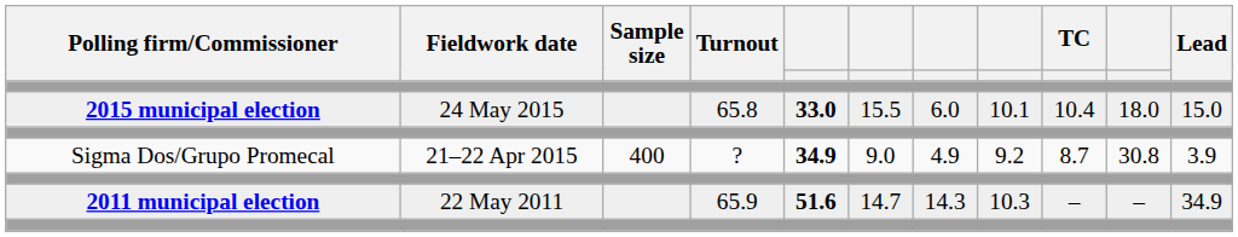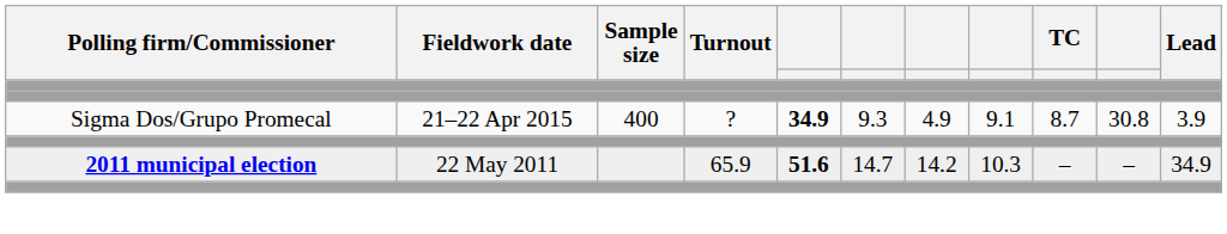 <table class="wikitable collapsible collapsed" style="text-align:center; font-size:95%; line-height:16px;">
 <tr style="height:42px;">
 <th style="width:250px;" rowspan="2">Polling firm/Commissioner</th>
 <th style="width:125px;" rowspan="2">Fieldwork date</th>
 <th style="width:50px;" rowspan="2">Sample size</th>
 <th style="width:45px;" rowspan="2">Turnout</th>
 <th style="width:35px;"></th>
 <th style="width:35px;"></th>
 <th style="width:35px;"></th>
 <th style="width:35px;"></th>
 <th style="width:35px;">TC</th>
 <th style="width:35px;"></th>
 <th style="width:30px;" rowspan="2">Lead</th>
 </tr>
 <tr>
 <th style="color:inherit;background:"></th>
 <th style="color:inherit;background:"></th>
 <th style="color:inherit;background:"></th>
 <th style="color:inherit;background:"></th>
 <th style="color:inherit;background:"></th>
 <th style="color:inherit;background:"></th>
 </tr>
 <tr>
 <td colspan="11" style="background:#A0A0A0"></td>
 </tr>
-<tr style="background:#EFEFEF;">
-<td><strong><a href='#'>2015 municipal election</a></strong></td>
-<td>24 May 2015</td>
-<td></td>
-<td>65.8</td>
-<td><strong>33.0</strong><br></td>
-<td>15.5<br></td>
-<td>6.0<br></td>
-<td>10.1<br></td>
-<td>10.4<br></td>
-<td>18.0<br></td>
-<td style="background:">15.0</td>
-</tr>
 <tr>
 <td colspan="11" style="background:#A0A0A0"></td>
 </tr>
 <tr>
 <td>Sigma Dos/Grupo Promecal</td>
 <td>21–22 Apr 2015</td>
 <td>400</td>
 <td>?</td>
 <td><strong>34.9</strong><br></td>
-<td>9.0<br></td>
+<td>9.3<br></td>
 <td>4.9<br></td>
-<td>9.2<br></td>
+<td>9.1<br></td>
 <td>8.7<br></td>
 <td>30.8<br></td>
 <td style="background:">3.9</td>
 </tr>
 <tr>
 <td colspan="11" style="background:#A0A0A0"></td>
 </tr>
 <tr style="background:#EFEFEF;">
 <td><strong><a href='#'>2011 municipal election</a></strong></td>
 <td>22 May 2011</td>
 <td></td>
 <td>65.9</td>
 <td><strong>51.6</strong><br></td>
 <td>14.7<br></td>
-<td>14.3<br></td>
+<td>14.2<br></td>
 <td>10.3<br></td>
 <td>–</td>
 <td>–</td>
 <td style="background:">34.9</td>
 </tr>
 <tr>
 <td colspan="11" style="background:#A0A0A0"></td>
 </tr>
 </table>
